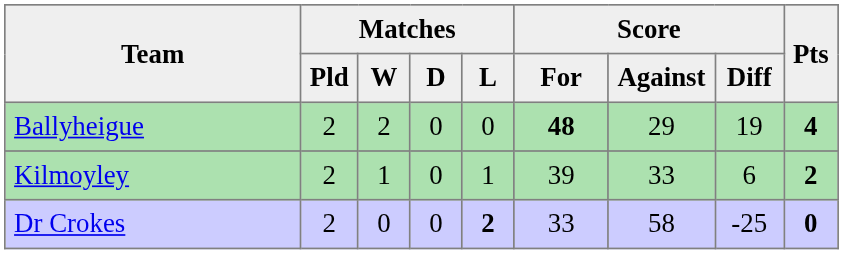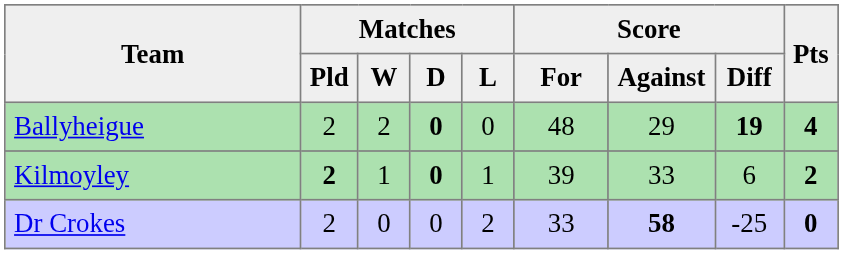 <table style=border-collapse:collapse border=1 cellspacing=0 cellpadding=5>
 <tr align=center bgcolor=#efefef>
 <th rowspan=2 width=165>Team</th>
 <th colspan=4>Matches</th>
 <th colspan=3>Score</th>
 <th rowspan=2width=20>Pts</th>
 </tr>
 <tr align=center bgcolor=#efefef>
 <th width=20>Pld</th>
 <th width=20>W</th>
 <th width=20>D</th>
 <th width=20>L</th>
 <th width=45>For</th>
 <th width=45>Against</th>
 <th width=30>Diff</th>
 </tr>
 <tr align=center style="background:#ACE1AF;">
 <td style="text-align:left;"><a href='#'>Ballyheigue</a></td>
 <td>2</td>
 <td>2</td>
+<td><strong>0</strong></td>
 <td>0</td>
-<td>0</td>
-<td><strong>48</strong></td>
+<td>48</td>
 <td>29</td>
-<td>19</td>
+<td><strong>19</strong></td>
 <td><strong>4</strong></td>
 </tr>
 <tr align=center style="background:#ACE1AF;">
 <td style="text-align:left;"><a href='#'>Kilmoyley</a></td>
-<td>2</td>
+<td><strong>2</strong></td>
 <td>1</td>
-<td>0</td>
+<td><strong>0</strong></td>
 <td>1</td>
 <td>39</td>
 <td>33</td>
 <td>6</td>
 <td><strong>2</strong></td>
 </tr>
 <tr align=center style="background:#ccccff;">
 <td style="text-align:left;"><a href='#'>Dr Crokes</a></td>
 <td>2</td>
 <td>0</td>
 <td>0</td>
-<td><strong>2</strong></td>
+<td>2</td>
 <td>33</td>
-<td>58</td>
+<td><strong>58</strong></td>
 <td>-25</td>
 <td><strong>0</strong></td>
 </tr>
 </table>
